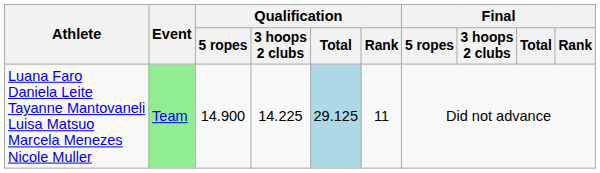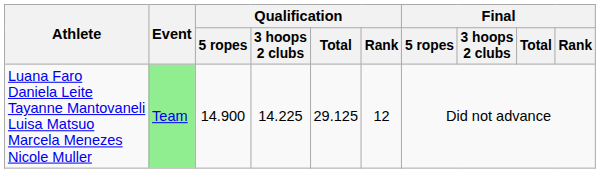 <table class="wikitable" style="font-size:90%">
 <tr>
 <th rowspan="2">Athlete</th>
 <th rowspan="2">Event</th>
 <th colspan="4">Qualification</th>
 <th colspan="4">Final</th>
 </tr>
 <tr style="font-size:95%">
 <th>5 ropes</th>
 <th>3 hoops<br>2 clubs</th>
 <th>Total</th>
 <th>Rank</th>
 <th>5 ropes</th>
 <th>3 hoops<br>2 clubs</th>
 <th>Total</th>
 <th>Rank</th>
 </tr>
 <tr align=center>
 <td align=left><a href='#'>Luana Faro</a><br><a href='#'>Daniela Leite</a><br><a href='#'>Tayanne Mantovaneli</a><br><a href='#'>Luisa Matsuo</a><br><a href='#'>Marcela Menezes</a><br><a href='#'>Nicole Muller</a></td>
 <td align=left style="background: lightgreen;"><a href='#'>Team</a></td>
 <td>14.900</td>
 <td>14.225</td>
-<td style="background: lightblue;">29.125</td>
-<td>11</td>
+<td>29.125</td>
+<td>12</td>
 <td colspan=4>Did not advance</td>
 </tr>
 </table>
